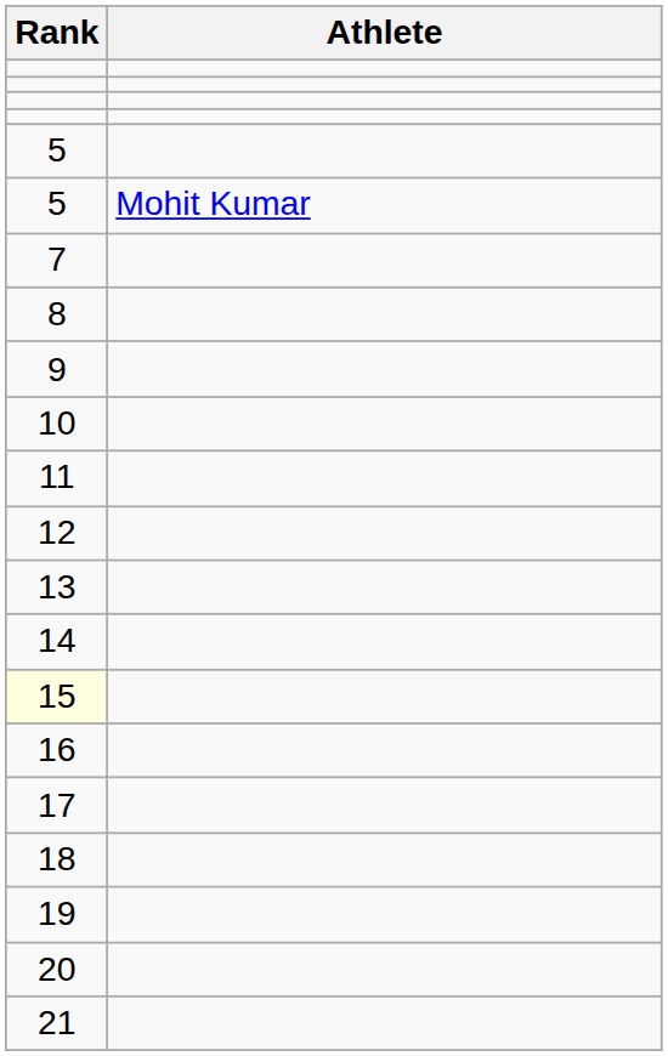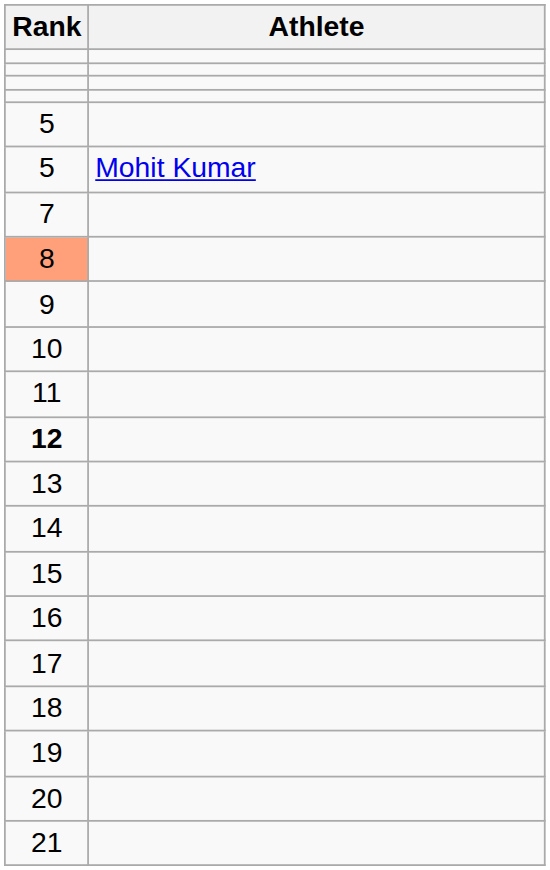 <table class="wikitable" style="text-align: center;">
 <tr>
 <th width=40>Rank</th>
 <th width=250>Athlete</th>
 </tr>
 <tr>
 <td></td>
 <td align="left"></td>
 </tr>
 <tr>
 <td></td>
 <td align="left"></td>
 </tr>
 <tr>
 <td></td>
 <td align="left"></td>
 </tr>
 <tr>
 <td></td>
 <td align="left"></td>
 </tr>
 <tr>
 <td>5</td>
 <td align="left"></td>
 </tr>
 <tr>
 <td>5</td>
 <td align="left"> <a href='#'>Mohit Kumar</a> </td>
 </tr>
 <tr>
 <td>7</td>
 <td align="left"></td>
 </tr>
 <tr>
-<td>8</td>
+<td style="background: lightsalmon;">8</td>
 <td align="left"></td>
 </tr>
 <tr>
 <td>9</td>
 <td align="left"></td>
 </tr>
 <tr>
 <td>10</td>
 <td align="left"></td>
 </tr>
 <tr>
 <td>11</td>
 <td align="left"></td>
 </tr>
 <tr>
-<td>12</td>
+<td><strong>12</strong></td>
 <td align="left"></td>
 </tr>
 <tr>
 <td>13</td>
 <td align="left"></td>
 </tr>
 <tr>
 <td>14</td>
 <td align="left"></td>
 </tr>
 <tr>
-<td style="background: lightyellow;">15</td>
+<td>15</td>
 <td align="left"></td>
 </tr>
 <tr>
 <td>16</td>
 <td align="left"></td>
 </tr>
 <tr>
 <td>17</td>
 <td align="left"></td>
 </tr>
 <tr>
 <td>18</td>
 <td align="left"></td>
 </tr>
 <tr>
 <td>19</td>
 <td align="left"></td>
 </tr>
 <tr>
 <td>20</td>
 <td align="left"></td>
 </tr>
 <tr>
 <td>21</td>
 <td align="left"></td>
 </tr>
 </table>
